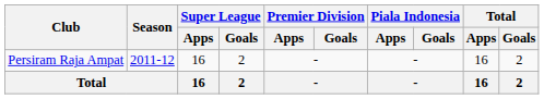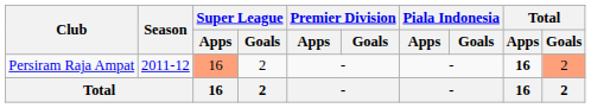 <table class="wikitable" style="font-size:90%; text-align:center;">
 <tr>
 <th rowspan="2">Club</th>
 <th rowspan="2">Season</th>
 <th colspan="2"><a href='#'>Super League</a></th>
 <th colspan="2"><a href='#'>Premier Division</a></th>
 <th colspan="2"><a href='#'>Piala Indonesia</a></th>
 <th colspan="2">Total</th>
 </tr>
 <tr>
 <th>Apps</th>
 <th>Goals</th>
 <th>Apps</th>
 <th>Goals</th>
 <th>Apps</th>
 <th>Goals</th>
 <th>Apps</th>
 <th>Goals</th>
 </tr>
 <tr>
 <td rowspan="1"><a href='#'>Persiram Raja Ampat</a></td>
 <td><a href='#'>2011-12</a></td>
-<td>16</td>
+<td style="background: lightsalmon;">16</td>
 <td>2</td>
 <td colspan="2">-</td>
 <td colspan="2">-</td>
-<td>16</td>
-<td>2</td>
+<td><strong>16</strong></td>
+<td style="background: lightsalmon;">2</td>
 </tr>
 <tr>
 <th colspan="2">Total</th>
 <th>16</th>
 <th>2</th>
 <th colspan="2">-</th>
 <th colspan="2">-</th>
 <th>16</th>
 <th>2</th>
 </tr>
 </table>
